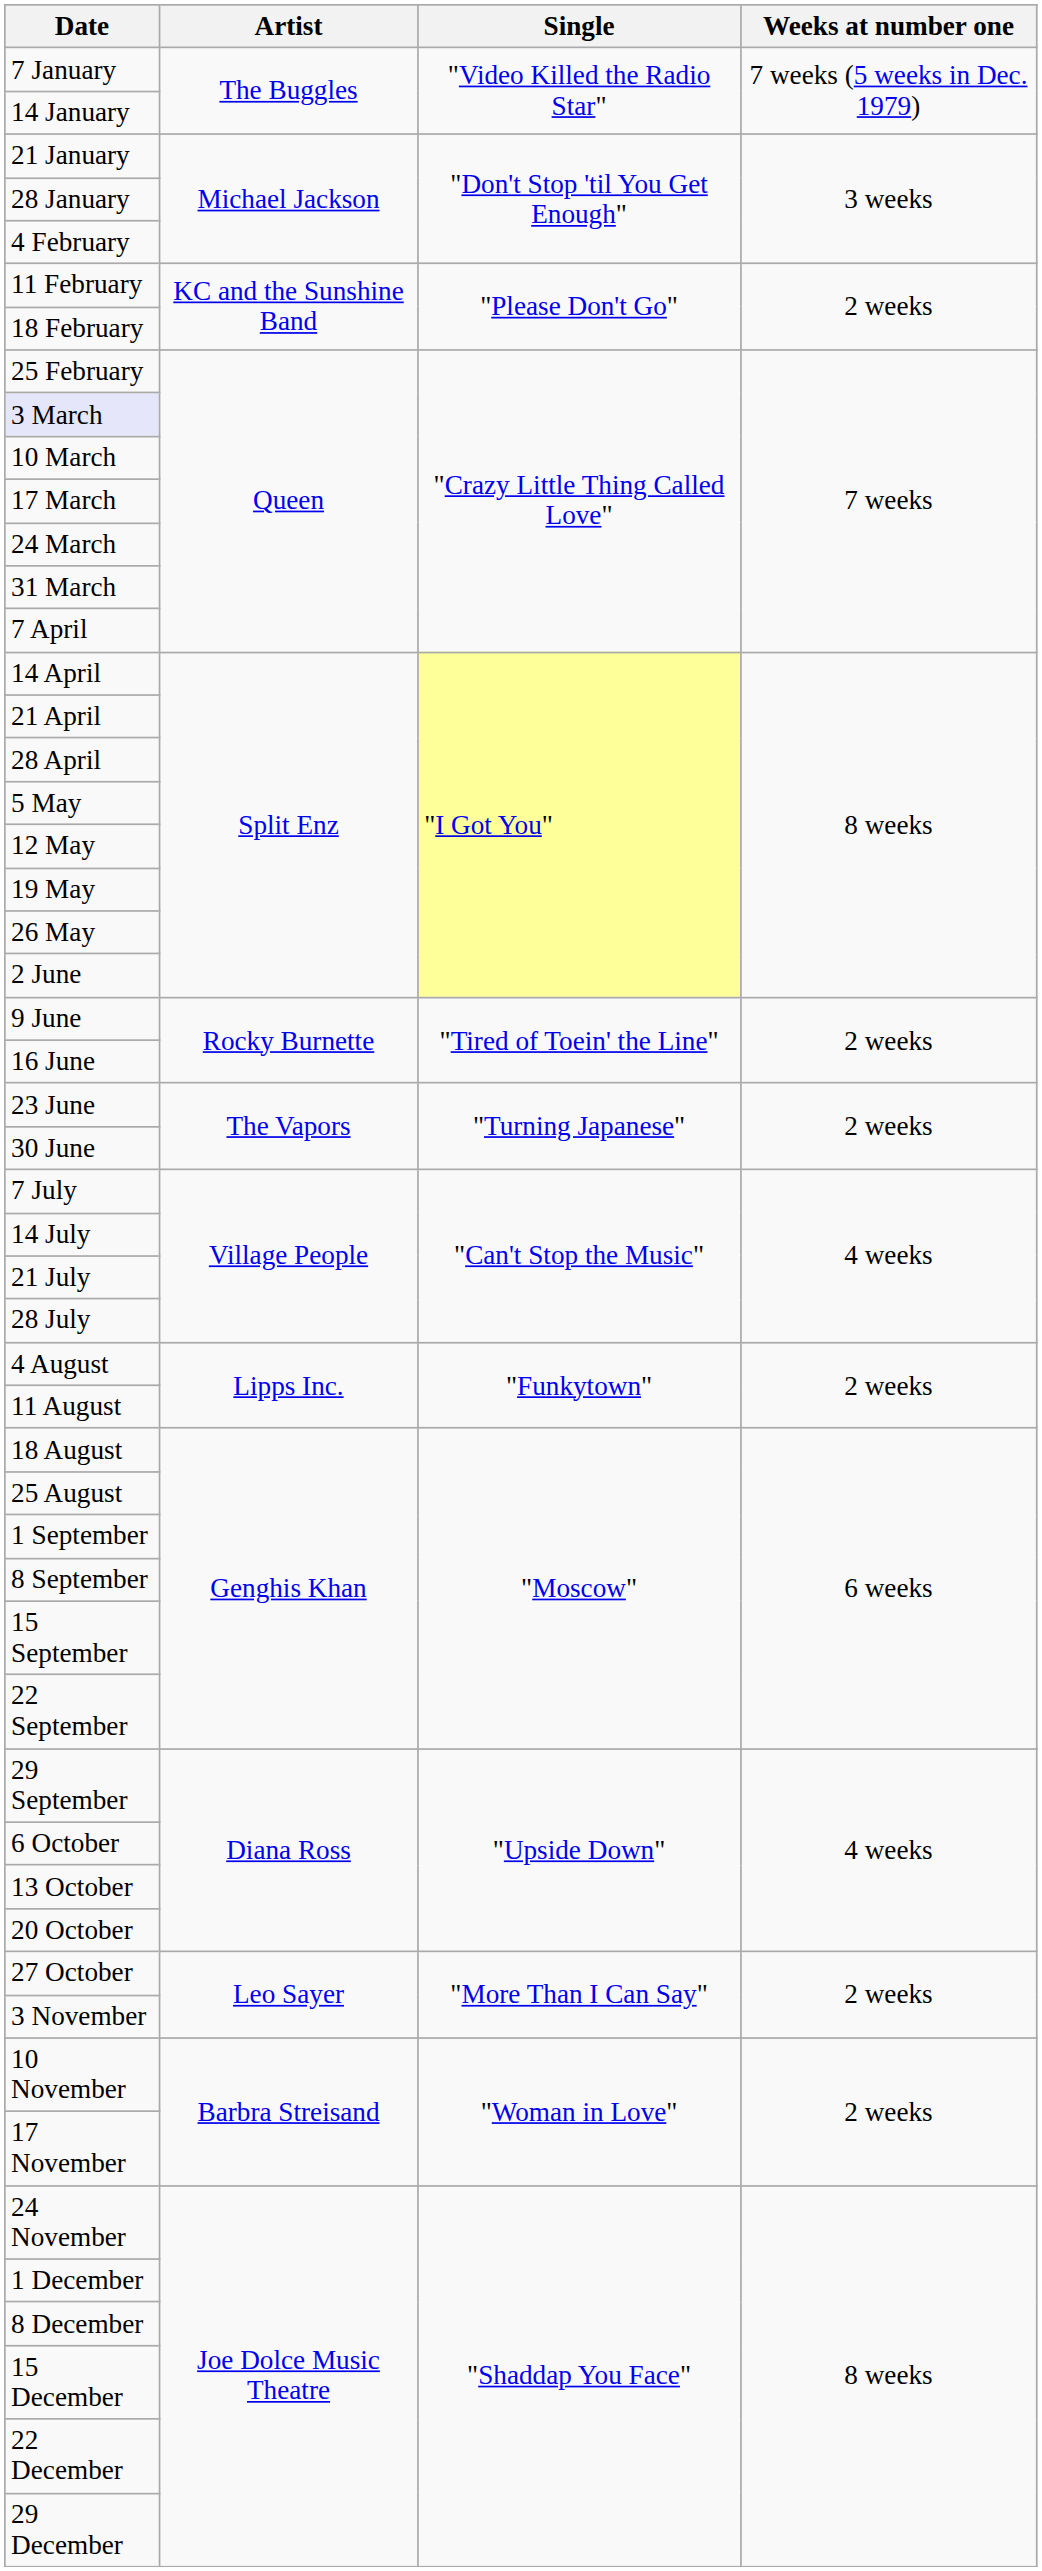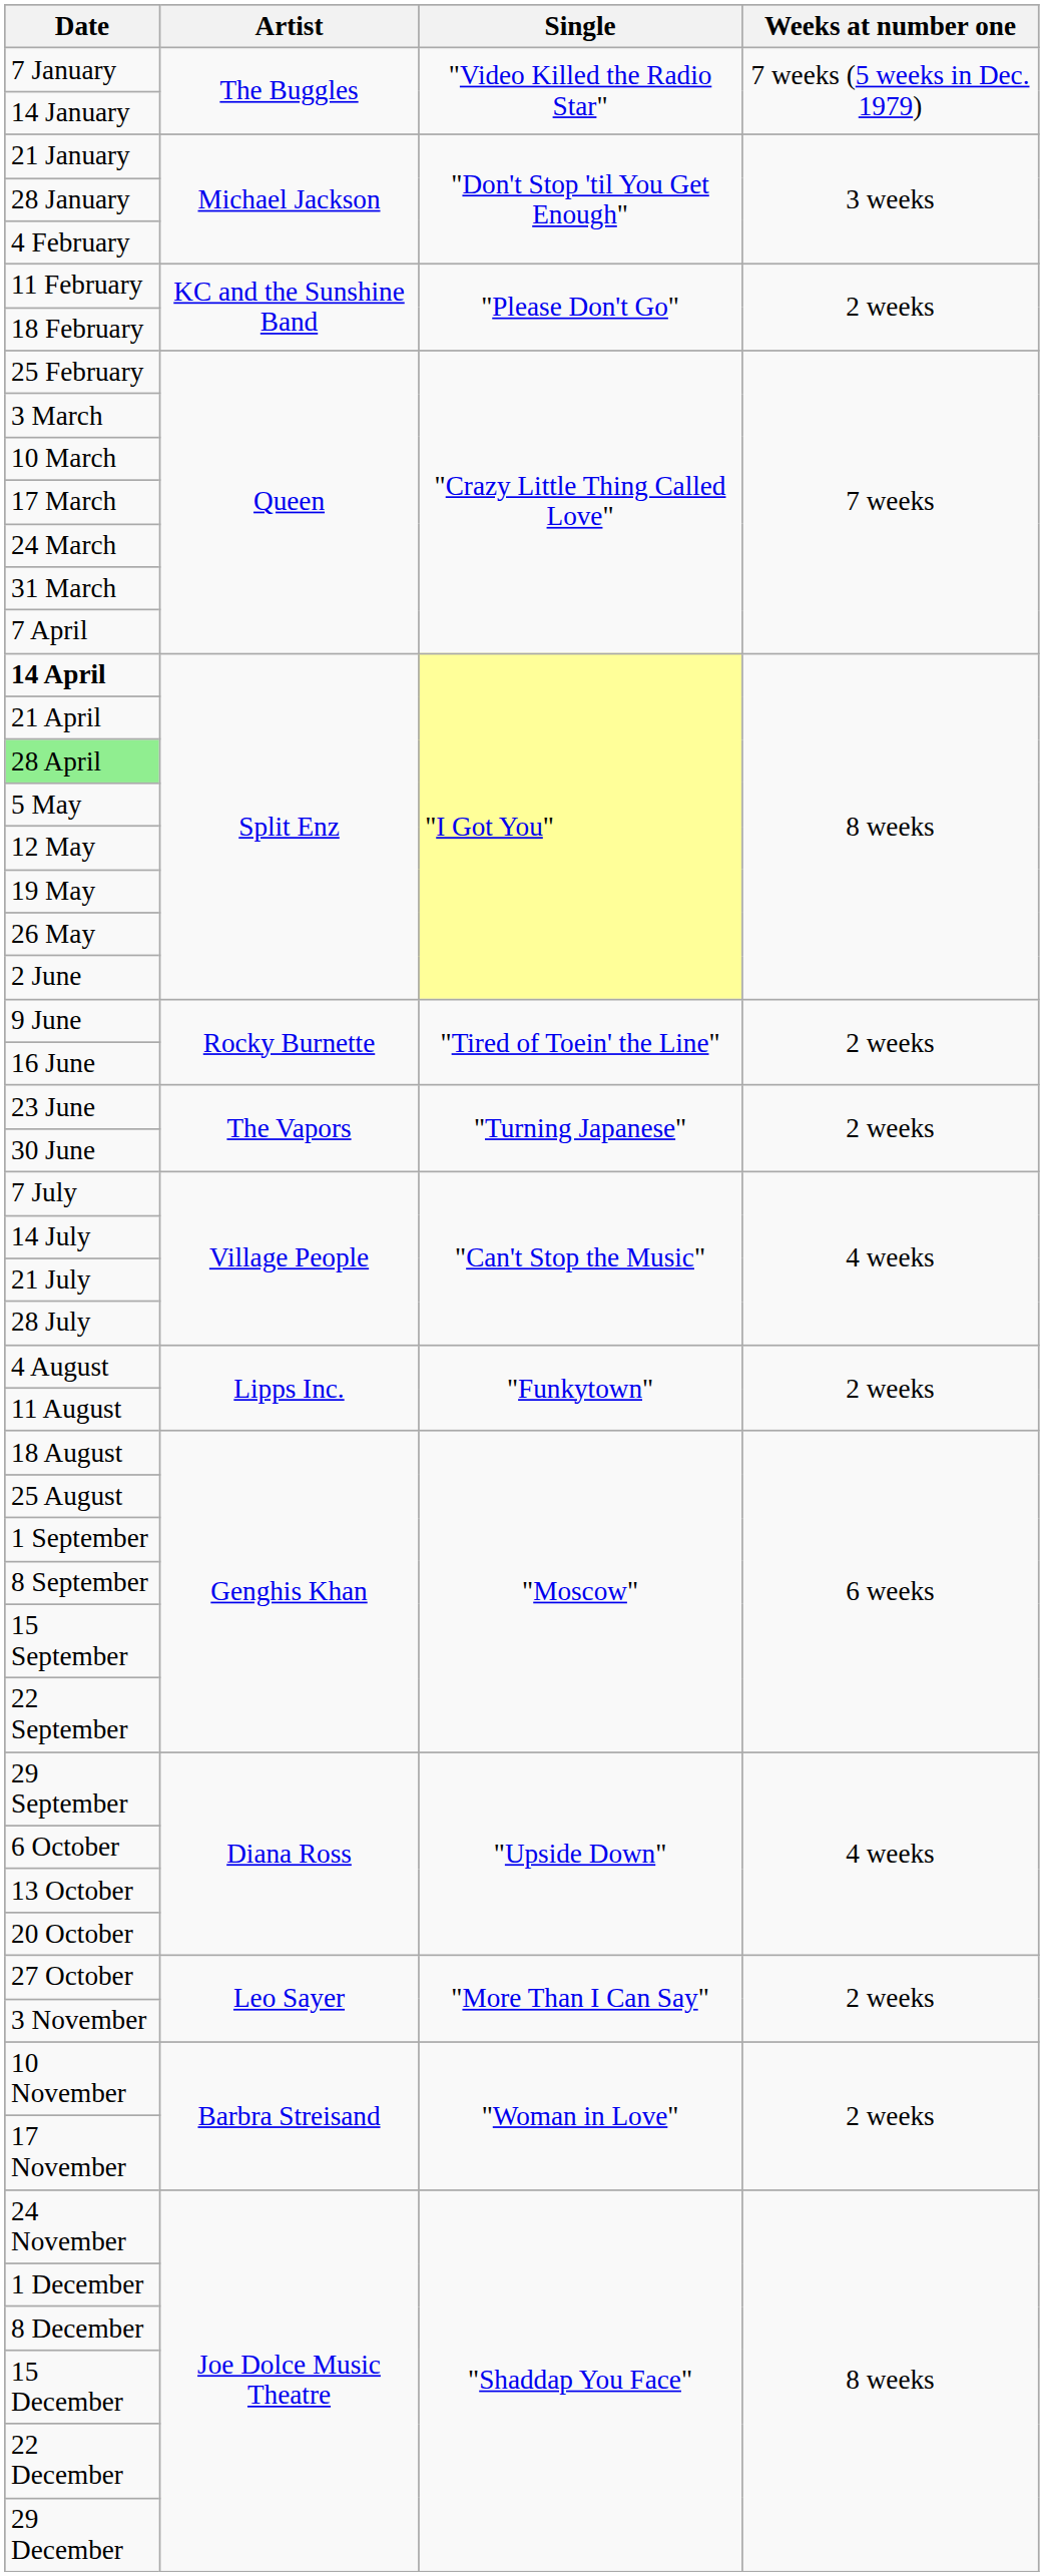 <table class="wikitable">
 <tr>
 <th>Date</th>
 <th>Artist</th>
 <th>Single</th>
 <th>Weeks at number one</th>
 </tr>
 <tr>
 <td>7 January</td>
 <td rowspan="2" align="center"><a href='#'>The Buggles</a></td>
 <td rowspan="2" align="center">"<a href='#'>Video Killed the Radio Star</a>"</td>
 <td rowspan="2" align="center">7 weeks (<a href='#'>5 weeks in Dec. 1979</a>)</td>
 </tr>
 <tr>
 <td>14 January</td>
 </tr>
 <tr>
 <td>21 January</td>
 <td rowspan="3" align="center"><a href='#'>Michael Jackson</a></td>
 <td rowspan="3" align="center">"<a href='#'>Don't Stop 'til You Get Enough</a>"</td>
 <td rowspan="3" align="center">3 weeks</td>
 </tr>
 <tr>
 <td>28 January</td>
 </tr>
 <tr>
 <td>4 February</td>
 </tr>
 <tr>
 <td>11 February</td>
 <td rowspan="2" align="center"><a href='#'>KC and the Sunshine Band</a></td>
 <td rowspan="2" align="center">"<a href='#'>Please Don't Go</a>"</td>
 <td rowspan="2" align="center">2 weeks</td>
 </tr>
 <tr>
 <td>18 February</td>
 </tr>
 <tr>
 <td>25 February</td>
 <td rowspan="7" align="center"><a href='#'>Queen</a></td>
 <td rowspan="7" align="center">"<a href='#'>Crazy Little Thing Called Love</a>"</td>
 <td rowspan="7" align="center">7 weeks</td>
 </tr>
 <tr>
-<td style="background: lavender;">3 March</td>
+<td>3 March</td>
 </tr>
 <tr>
 <td>10 March</td>
 </tr>
 <tr>
 <td>17 March</td>
 </tr>
 <tr>
 <td>24 March</td>
 </tr>
 <tr>
 <td>31 March</td>
 </tr>
 <tr>
 <td>7 April</td>
 </tr>
 <tr>
-<td>14 April</td>
+<td><strong>14 April</strong></td>
 <td rowspan="8" align="center"><a href='#'>Split Enz</a></td>
 <td bgcolor=#FFFF99 align="left" rowspan="8" align="center">"<a href='#'>I Got You</a>"</td>
 <td rowspan="8" align="center">8 weeks</td>
 </tr>
 <tr>
 <td>21 April</td>
 </tr>
 <tr>
-<td>28 April</td>
+<td style="background: lightgreen;">28 April</td>
 </tr>
 <tr>
 <td>5 May</td>
 </tr>
 <tr>
 <td>12 May</td>
 </tr>
 <tr>
 <td>19 May</td>
 </tr>
 <tr>
 <td>26 May</td>
 </tr>
 <tr>
 <td>2 June</td>
 </tr>
 <tr>
 <td>9 June</td>
 <td rowspan="2" align="center"><a href='#'>Rocky Burnette</a></td>
 <td rowspan="2" align="center">"<a href='#'>Tired of Toein' the Line</a>"</td>
 <td rowspan="2" align="center">2 weeks</td>
 </tr>
 <tr>
 <td>16 June</td>
 </tr>
 <tr>
 <td>23 June</td>
 <td rowspan="2" align="center"><a href='#'>The Vapors</a></td>
 <td rowspan="2" align="center">"<a href='#'>Turning Japanese</a>"</td>
 <td rowspan="2" align="center">2 weeks</td>
 </tr>
 <tr>
 <td>30 June</td>
 </tr>
 <tr>
 <td>7 July</td>
 <td rowspan="4" align="center"><a href='#'>Village People</a></td>
 <td rowspan="4" align="center">"<a href='#'>Can't Stop the Music</a>"</td>
 <td rowspan="4" align="center">4 weeks</td>
 </tr>
 <tr>
 <td>14 July</td>
 </tr>
 <tr>
 <td>21 July</td>
 </tr>
 <tr>
 <td>28 July</td>
 </tr>
 <tr>
 <td>4 August</td>
 <td rowspan="2" align="center"><a href='#'>Lipps Inc.</a></td>
 <td rowspan="2" align="center">"<a href='#'>Funkytown</a>"</td>
 <td rowspan="2" align="center">2 weeks</td>
 </tr>
 <tr>
 <td>11 August</td>
 </tr>
 <tr>
 <td>18 August</td>
 <td rowspan="6" align="center"><a href='#'>Genghis Khan</a></td>
 <td rowspan="6" align="center">"<a href='#'>Moscow</a>"</td>
 <td rowspan="6" align="center">6 weeks</td>
 </tr>
 <tr>
 <td>25 August</td>
 </tr>
 <tr>
 <td>1 September</td>
 </tr>
 <tr>
 <td>8 September</td>
 </tr>
 <tr>
 <td>15 September</td>
 </tr>
 <tr>
 <td>22 September</td>
 </tr>
 <tr>
 <td>29 September</td>
 <td rowspan="4" align="center"><a href='#'>Diana Ross</a></td>
 <td rowspan="4" align="center">"<a href='#'>Upside Down</a>"</td>
 <td rowspan="4" align="center">4 weeks</td>
 </tr>
 <tr>
 <td>6 October</td>
 </tr>
 <tr>
 <td>13 October</td>
 </tr>
 <tr>
 <td>20 October</td>
 </tr>
 <tr>
 <td>27 October</td>
 <td rowspan="2" align="center"><a href='#'>Leo Sayer</a></td>
 <td rowspan="2" align="center">"<a href='#'>More Than I Can Say</a>"</td>
 <td rowspan="2" align="center">2 weeks</td>
 </tr>
 <tr>
 <td>3 November</td>
 </tr>
 <tr>
 <td>10 November</td>
 <td rowspan="2" align="center"><a href='#'>Barbra Streisand</a></td>
 <td rowspan="2" align="center">"<a href='#'>Woman in Love</a>"</td>
 <td rowspan="2" align="center">2 weeks</td>
 </tr>
 <tr>
 <td>17 November</td>
 </tr>
 <tr>
 <td>24 November</td>
 <td rowspan="6" align="center"><a href='#'>Joe Dolce Music Theatre</a></td>
 <td rowspan="6" align="center">"<a href='#'>Shaddap You Face</a>"</td>
 <td rowspan="6" align="center">8 weeks</td>
 </tr>
 <tr>
 <td>1 December</td>
 </tr>
 <tr>
 <td>8 December</td>
 </tr>
 <tr>
 <td>15 December</td>
 </tr>
 <tr>
 <td>22 December</td>
 </tr>
 <tr>
 <td>29 December</td>
 </tr>
 </table>
